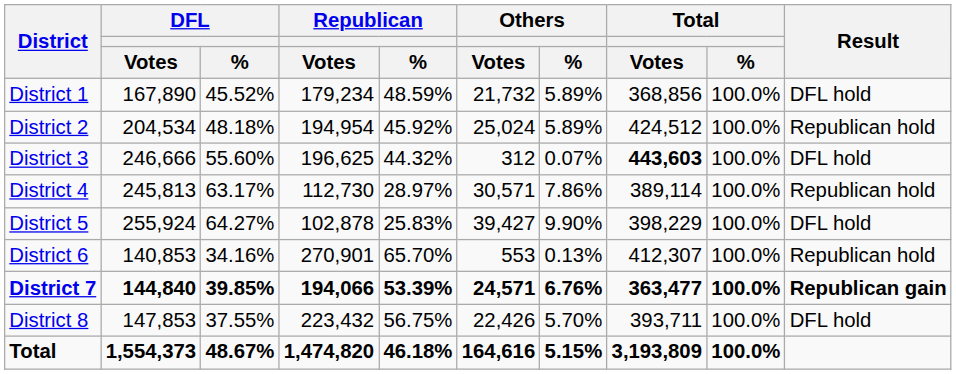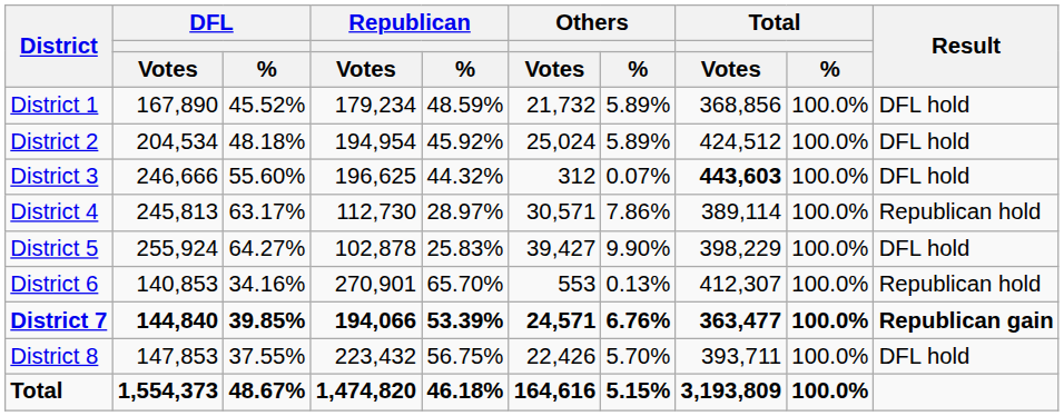 <table class="wikitable plainrowheaders sortable" style="font-size:100%; text-align:right;">
 <tr>
 <th scope=col rowspan=3><a href='#'>District</a></th>
 <th scope=col colspan=2><a href='#'>DFL</a></th>
 <th scope=col colspan=2><a href='#'>Republican</a></th>
 <th scope=col colspan=2>Others</th>
 <th scope=col colspan=2>Total</th>
 <th scope=col rowspan=3>Result</th>
 </tr>
 <tr>
 <th scope=col colspan=2 style="background:"></th>
 <th scope=col colspan=2 style="background:"></th>
 <th scope=col colspan=2></th>
 <th scope=col colspan=2></th>
 </tr>
 <tr>
 <th scope=col data-sort-type="number">Votes</th>
 <th scope=col data-sort-type="number">%</th>
 <th scope=col data-sort-type="number">Votes</th>
 <th scope=col data-sort-type="number">%</th>
 <th scope=col data-sort-type="number">Votes</th>
 <th scope=col data-sort-type="number">%</th>
 <th scope=col data-sort-type="number">Votes</th>
 <th scope=col data-sort-type="number">%</th>
 </tr>
 <tr>
 <td align=left><a href='#'>District 1</a></td>
 <td>167,890</td>
 <td>45.52%</td>
 <td>179,234</td>
 <td>48.59%</td>
 <td>21,732</td>
 <td>5.89%</td>
 <td>368,856</td>
 <td>100.0%</td>
 <td align=left>DFL hold</td>
 </tr>
 <tr>
 <td align=left><a href='#'>District 2</a></td>
 <td>204,534</td>
 <td>48.18%</td>
 <td>194,954</td>
 <td>45.92%</td>
 <td>25,024</td>
 <td>5.89%</td>
 <td>424,512</td>
 <td>100.0%</td>
-<td align=left>Republican hold</td>
+<td align=left>DFL hold</td>
 </tr>
 <tr>
 <td align=left><a href='#'>District 3</a></td>
 <td>246,666</td>
 <td>55.60%</td>
 <td>196,625</td>
 <td>44.32%</td>
 <td>312</td>
 <td>0.07%</td>
 <td><strong>443,603</strong></td>
 <td>100.0%</td>
 <td align=left>DFL hold</td>
 </tr>
 <tr>
 <td align=left><a href='#'>District 4</a></td>
 <td>245,813</td>
 <td>63.17%</td>
 <td>112,730</td>
 <td>28.97%</td>
 <td>30,571</td>
 <td>7.86%</td>
 <td>389,114</td>
 <td>100.0%</td>
 <td align=left>Republican hold</td>
 </tr>
 <tr>
 <td align=left><a href='#'>District 5</a></td>
 <td>255,924</td>
 <td>64.27%</td>
 <td>102,878</td>
 <td>25.83%</td>
 <td>39,427</td>
 <td>9.90%</td>
 <td>398,229</td>
 <td>100.0%</td>
 <td align=left>DFL hold</td>
 </tr>
 <tr>
 <td align=left><a href='#'>District 6</a></td>
 <td>140,853</td>
 <td>34.16%</td>
 <td>270,901</td>
 <td>65.70%</td>
 <td>553</td>
 <td>0.13%</td>
 <td>412,307</td>
 <td>100.0%</td>
 <td align=left>Republican hold</td>
 </tr>
 <tr>
 <td align=left><strong><a href='#'>District 7</a></strong></td>
 <td><strong>144,840</strong></td>
 <td><strong>39.85%</strong></td>
 <td><strong>194,066</strong></td>
 <td><strong>53.39%</strong></td>
 <td><strong>24,571</strong></td>
 <td><strong>6.76%</strong></td>
 <td><strong>363,477</strong></td>
 <td><strong>100.0%</strong></td>
 <td align=left><strong>Republican gain</strong></td>
 </tr>
 <tr>
 <td align=left><a href='#'>District 8</a></td>
 <td>147,853</td>
 <td>37.55%</td>
 <td>223,432</td>
 <td>56.75%</td>
 <td>22,426</td>
 <td>5.70%</td>
 <td>393,711</td>
 <td>100.0%</td>
 <td align=left>DFL hold</td>
 </tr>
 <tr class="sortbottom" style="font-weight:bold">
 <td align=left>Total</td>
 <td>1,554,373</td>
 <td>48.67%</td>
 <td>1,474,820</td>
 <td>46.18%</td>
 <td>164,616</td>
 <td>5.15%</td>
 <td>3,193,809</td>
 <td>100.0%</td>
 <td></td>
 </tr>
 </table>
